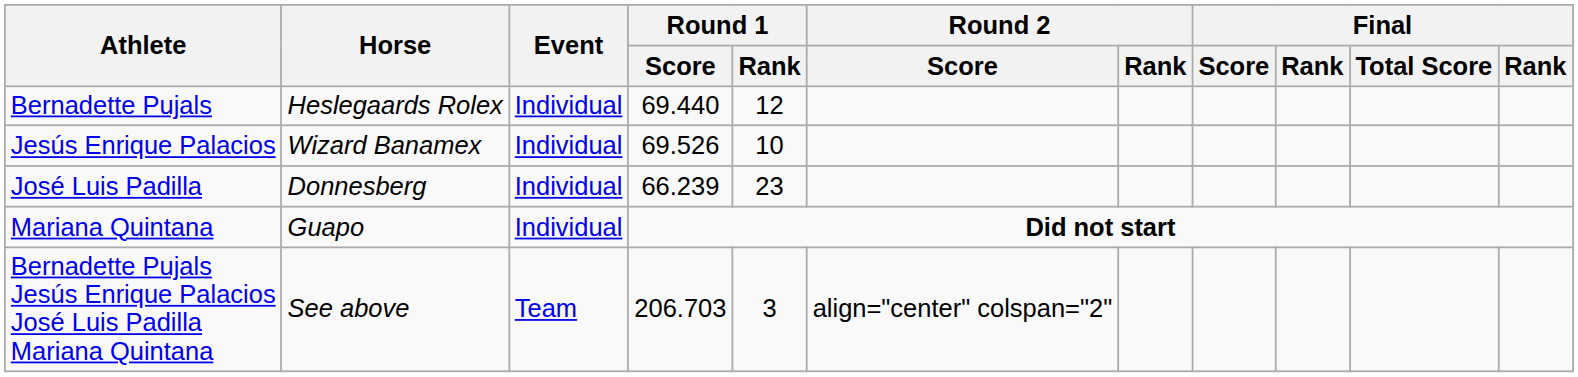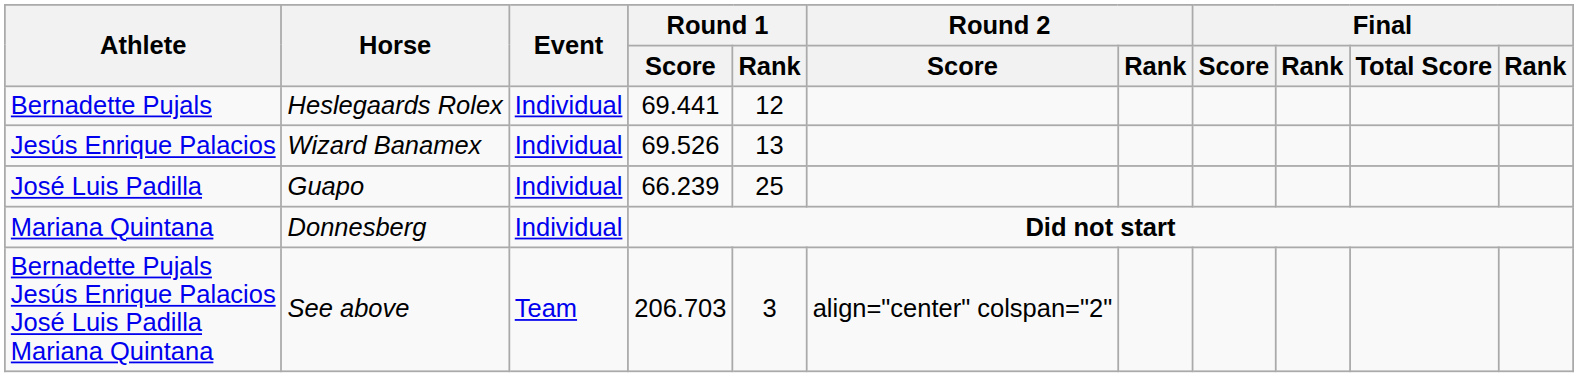 <table class=wikitable style="font-size:90%">
 <tr>
 <th rowspan="2">Athlete</th>
 <th rowspan="2">Horse</th>
 <th rowspan="2">Event</th>
 <th colspan="2">Round 1</th>
 <th colspan="2">Round 2</th>
 <th colspan="4">Final</th>
 </tr>
 <tr>
 <th>Score</th>
 <th>Rank</th>
 <th>Score</th>
 <th>Rank</th>
 <th>Score</th>
 <th>Rank</th>
 <th>Total Score</th>
 <th>Rank</th>
 </tr>
 <tr>
 <td><a href='#'>Bernadette Pujals</a></td>
 <td><em>Heslegaards Rolex</em></td>
 <td><a href='#'>Individual</a></td>
-<td align="center">69.440</td>
+<td align="center">69.441</td>
 <td align="center">12</td>
 <td align="center"></td>
 <td align="center"></td>
 <td align="center"></td>
 <td align="center"></td>
 <td align="center"></td>
 <td align="center"></td>
 </tr>
 <tr>
 <td><a href='#'>Jesús Enrique Palacios</a></td>
 <td><em>Wizard Banamex</em></td>
 <td><a href='#'>Individual</a></td>
 <td align="center">69.526</td>
-<td align="center">10</td>
+<td align="center">13</td>
 <td align="center"></td>
 <td align="center"></td>
 <td align="center"></td>
 <td align="center"></td>
 <td align="center"></td>
 <td align="center"></td>
 </tr>
 <tr>
 <td><a href='#'>José Luis Padilla</a></td>
-<td><em>Donnesberg</em></td>
+<td><em>Guapo</em></td>
 <td><a href='#'>Individual</a></td>
 <td align="center">66.239</td>
-<td align="center">23</td>
+<td align="center">25</td>
 <td align="center"></td>
 <td align="center"></td>
 <td align="center"></td>
 <td align="center"></td>
 <td align="center"></td>
 <td align="center"></td>
 </tr>
 <tr>
 <td><a href='#'>Mariana Quintana</a></td>
-<td><em>Guapo</em></td>
+<td><em>Donnesberg</em></td>
 <td><a href='#'>Individual</a></td>
 <td align="center" colspan=8><strong>Did not start</strong></td>
 </tr>
 <tr>
 <td><a href='#'>Bernadette Pujals</a><br><a href='#'>Jesús Enrique Palacios</a><br><a href='#'>José Luis Padilla</a><br><a href='#'>Mariana Quintana</a></td>
 <td><em>See above</em></td>
 <td><a href='#'>Team</a></td>
 <td align="center">206.703</td>
 <td align="center">3</td>
 <td>align="center" colspan="2" </td>
 <td align="center"></td>
 <td align="center"></td>
 <td align="center"></td>
 <td align="center"></td>
 </tr>
 </table>
